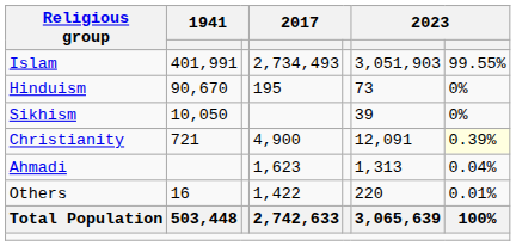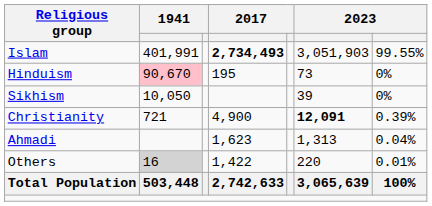 <table class="wikitable sortable">
 <tr>
 <th rowspan="2"><a href='#'>Religious</a><br>group</th>
 <th colspan="2">1941</th>
 <th colspan="2">2017</th>
 <th colspan="2">2023</th>
 </tr>
 <tr>
 <th><a href='#'></a></th>
 <th></th>
 <th></th>
 <th></th>
 <th></th>
 <th></th>
 </tr>
 <tr>
 <td><a href='#'>Islam</a> </td>
 <td>401,991</td>
 <td></td>
-<td>2,734,493</td>
+<td><strong>2,734,493</strong></td>
 <td></td>
 <td>3,051,903</td>
 <td>99.55%</td>
 </tr>
 <tr>
 <td><a href='#'>Hinduism</a> </td>
-<td>90,670</td>
+<td style="background: pink;">90,670</td>
 <td></td>
 <td>195</td>
 <td></td>
 <td>73</td>
 <td>0%</td>
 </tr>
 <tr>
 <td><a href='#'>Sikhism</a> </td>
 <td>10,050</td>
 <td></td>
 <td></td>
 <td></td>
 <td>39</td>
 <td>0%</td>
 </tr>
 <tr>
 <td><a href='#'>Christianity</a> </td>
 <td>721</td>
 <td></td>
 <td>4,900</td>
 <td></td>
-<td>12,091</td>
-<td style="background: lightyellow;">0.39%</td>
+<td><strong>12,091</strong></td>
+<td>0.39%</td>
 </tr>
 <tr>
 <td><a href='#'>Ahmadi</a></td>
 <td></td>
 <td></td>
 <td>1,623</td>
 <td></td>
 <td>1,313</td>
 <td>0.04%</td>
 </tr>
 <tr>
 <td>Others</td>
-<td>16</td>
+<td style="background: lightgrey;">16</td>
 <td></td>
 <td>1,422</td>
 <td></td>
 <td>220</td>
 <td>0.01%</td>
 </tr>
 <tr>
 <th>Total Population</th>
 <th>503,448</th>
 <th></th>
 <th>2,742,633</th>
 <th></th>
 <th>3,065,639</th>
 <th>100%</th>
 </tr>
 <tr class="sortbottom">
 <td colspan="7"></td>
 </tr>
 </table>
